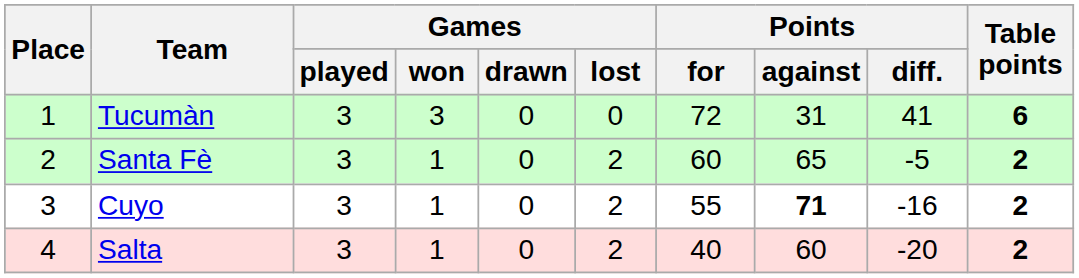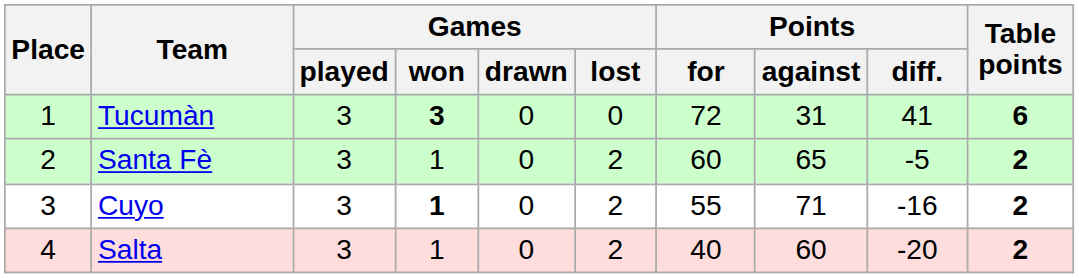 <table class="wikitable">
 <tr>
 <th rowspan=2 width="8%">Place</th>
 <th rowspan=2 width="20%">Team</th>
 <th colspan=4 width="32%">Games</th>
 <th colspan=3 width="30%">Points</th>
 <th rowspan=2 width="10%">Table<br>points</th>
 </tr>
 <tr>
 <th width="8%">played</th>
 <th width="8%">won</th>
 <th width="8%">drawn</th>
 <th width="8%">lost</th>
 <th width="10%">for</th>
 <th width="10%">against</th>
 <th width="10%">diff.</th>
 </tr>
 <tr align=center style="background: #ccffcc;">
 <td>1</td>
 <td align=left><a href='#'>Tucumàn</a></td>
 <td>3</td>
-<td>3</td>
+<td><strong>3</strong></td>
 <td>0</td>
 <td>0</td>
 <td>72</td>
 <td>31</td>
 <td>41</td>
 <td><strong>6</strong></td>
 </tr>
 <tr align=center style="background: #ccffcc;">
 <td>2</td>
 <td align=left><a href='#'>Santa Fè</a></td>
 <td>3</td>
 <td>1</td>
 <td>0</td>
 <td>2</td>
 <td>60</td>
 <td>65</td>
 <td>-5</td>
 <td><strong>2</strong></td>
 </tr>
 <tr align=center style="background: #ffffff;">
 <td>3</td>
 <td align=left><a href='#'>Cuyo</a></td>
 <td>3</td>
-<td>1</td>
+<td><strong>1</strong></td>
 <td>0</td>
 <td>2</td>
 <td>55</td>
-<td><strong>71</strong></td>
+<td>71</td>
 <td>-16</td>
 <td><strong>2</strong></td>
 </tr>
 <tr align=center style="background: #ffdddd;">
 <td>4</td>
 <td align=left><a href='#'>Salta</a></td>
 <td>3</td>
 <td>1</td>
 <td>0</td>
 <td>2</td>
 <td>40</td>
 <td>60</td>
 <td>-20</td>
 <td><strong>2</strong></td>
 </tr>
 </table>
